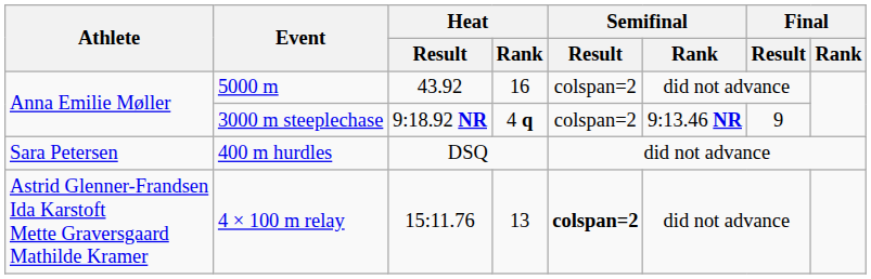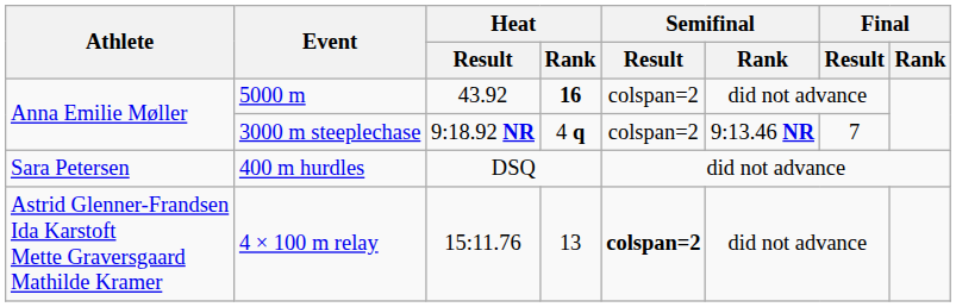 <table class="wikitable"  style=font-size:90%>
 <tr>
 <th rowspan="2">Athlete</th>
 <th rowspan="2">Event</th>
 <th colspan="2">Heat</th>
 <th colspan="2">Semifinal</th>
 <th colspan="2">Final</th>
 </tr>
 <tr>
 <th>Result</th>
 <th>Rank</th>
 <th>Result</th>
 <th>Rank</th>
 <th>Result</th>
 <th>Rank</th>
 </tr>
 <tr style=text-align:center>
 <td style=text-align:left rowspan=2><a href='#'>Anna Emilie Møller</a></td>
 <td style=text-align:left><a href='#'>5000 m</a></td>
 <td>43.92</td>
-<td>16</td>
+<td><strong>16</strong></td>
 <td>colspan=2</td>
 <td colspan=2>did not advance</td>
 </tr>
 <tr style=text-align:center>
 <td style=text-align:left><a href='#'>3000 m steeplechase</a></td>
 <td>9:18.92 <strong><a href='#'>NR</a></strong></td>
 <td>4 <strong>q</strong></td>
 <td>colspan=2</td>
 <td>9:13.46 <strong><a href='#'>NR</a></strong></td>
-<td>9</td>
+<td>7</td>
 </tr>
 <tr style=text-align:center>
 <td style=text-align:left><a href='#'>Sara Petersen</a></td>
 <td style=text-align:left><a href='#'>400 m hurdles</a></td>
 <td colspan=2>DSQ</td>
 <td colspan=4>did not advance</td>
 </tr>
 <tr style=text-align:center>
 <td style=text-align:left><a href='#'>Astrid Glenner-Frandsen</a><br> <a href='#'>Ida Karstoft</a><br> <a href='#'>Mette Graversgaard</a><br> <a href='#'>Mathilde Kramer</a></td>
 <td style=text-align:left><a href='#'>4 × 100 m relay</a></td>
 <td>15:11.76</td>
 <td>13</td>
 <td><strong>colspan=2</strong></td>
 <td colspan=2>did not advance</td>
 </tr>
 </table>
